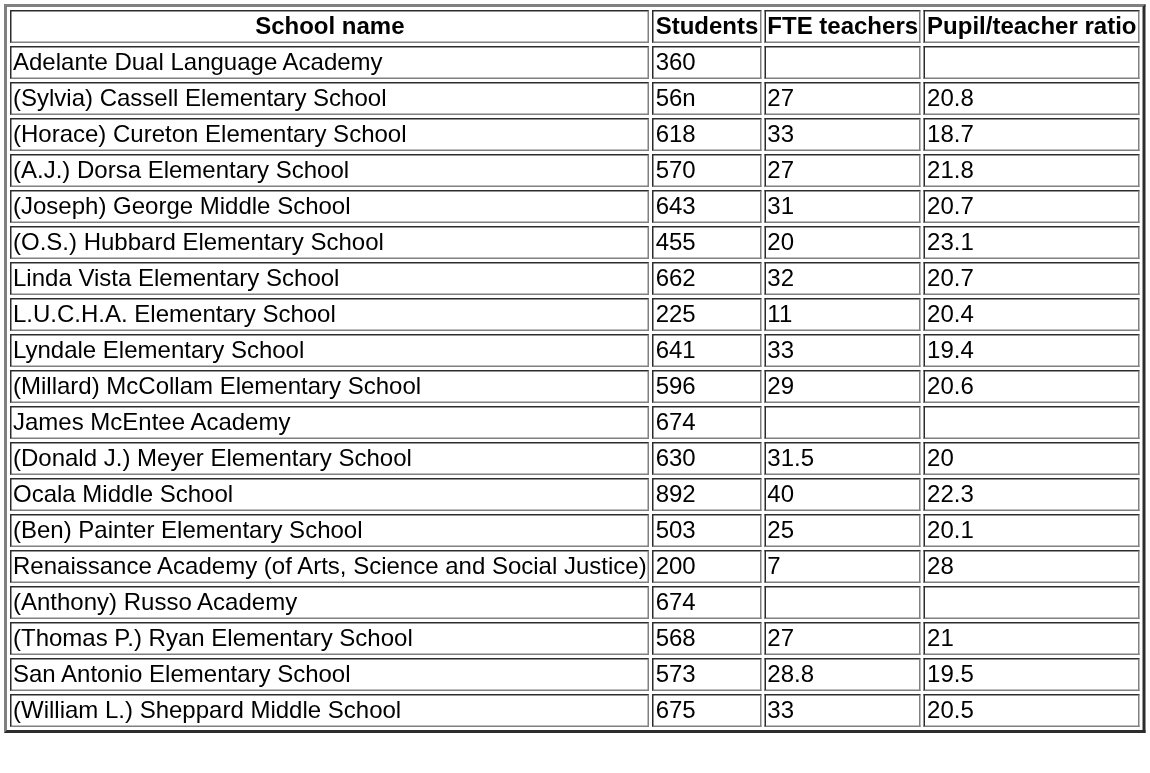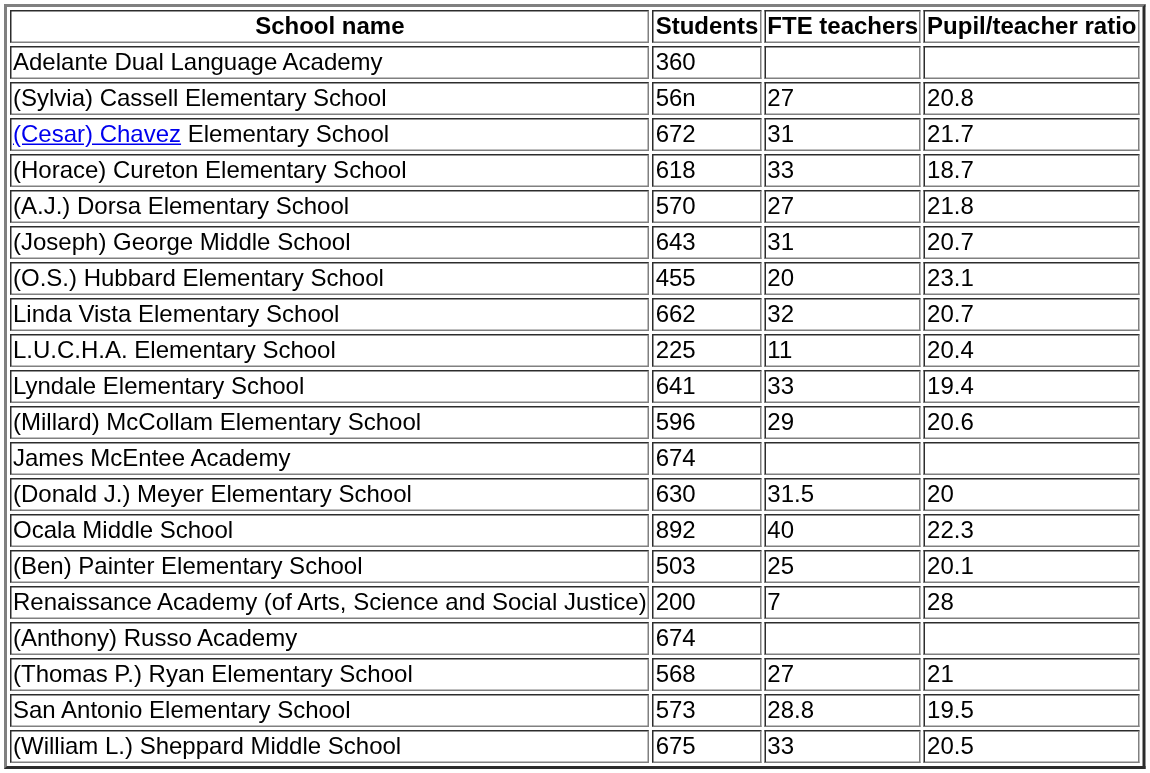 <table border="2”">
 <tr>
 <th>School name</th>
 <th>Students</th>
 <th>FTE teachers</th>
 <th>Pupil/teacher ratio</th>
 </tr>
 <tr ---->
 <td>Adelante Dual Language Academy</td>
 <td>360</td>
 <td></td>
 <td></td>
 </tr>
 <tr ---->
 <td>(Sylvia) Cassell Elementary School</td>
 <td>56n</td>
 <td>27</td>
 <td>20.8</td>
+</tr>
+<tr ---->
+<td><a href='#'>(Cesar) Chavez</a> Elementary School</td>
+<td>672</td>
+<td>31</td>
+<td>21.7</td>
 </tr>
 <tr ---->
 <td>(Horace) Cureton Elementary School</td>
 <td>618</td>
 <td>33</td>
 <td>18.7</td>
 </tr>
 <tr ---->
 <td>(A.J.) Dorsa Elementary School</td>
 <td>570</td>
 <td>27</td>
 <td>21.8</td>
 </tr>
 <tr ---->
 <td>(Joseph) George Middle School</td>
 <td>643</td>
 <td>31</td>
 <td>20.7</td>
 </tr>
 <tr ---->
 <td>(O.S.) Hubbard Elementary School</td>
 <td>455</td>
 <td>20</td>
 <td>23.1</td>
 </tr>
 <tr ---->
 <td>Linda Vista Elementary School</td>
 <td>662</td>
 <td>32</td>
 <td>20.7</td>
 </tr>
 <tr ---->
 <td>L.U.C.H.A. Elementary School</td>
 <td>225</td>
 <td>11</td>
 <td>20.4</td>
 </tr>
 <tr ---->
 <td>Lyndale Elementary School</td>
 <td>641</td>
 <td>33</td>
 <td>19.4</td>
 </tr>
 <tr ---->
 <td>(Millard) McCollam Elementary School</td>
 <td>596</td>
 <td>29</td>
 <td>20.6</td>
 </tr>
 <tr ---->
 <td>James McEntee Academy</td>
 <td>674</td>
 <td></td>
 <td></td>
 </tr>
 <tr ---->
 <td>(Donald J.) Meyer Elementary School</td>
 <td>630</td>
 <td>31.5</td>
 <td>20</td>
 </tr>
 <tr ---->
 <td>Ocala Middle School</td>
 <td>892</td>
 <td>40</td>
 <td>22.3</td>
 </tr>
 <tr ---->
 <td>(Ben) Painter Elementary School</td>
 <td>503</td>
 <td>25</td>
 <td>20.1</td>
 </tr>
 <tr ---->
 <td>Renaissance Academy (of Arts, Science and Social Justice)</td>
 <td>200</td>
 <td>7</td>
 <td>28</td>
 </tr>
 <tr ---->
 <td>(Anthony) Russo Academy</td>
 <td>674</td>
 <td></td>
 <td></td>
 </tr>
 <tr ---->
 <td>(Thomas P.) Ryan Elementary School</td>
 <td>568</td>
 <td>27</td>
 <td>21</td>
 </tr>
 <tr ---->
 <td>San Antonio Elementary School</td>
 <td>573</td>
 <td>28.8</td>
 <td>19.5</td>
 </tr>
 <tr ---->
 <td>(William L.) Sheppard Middle School</td>
 <td>675</td>
 <td>33</td>
 <td>20.5<br></td>
 </tr>
 </table>
